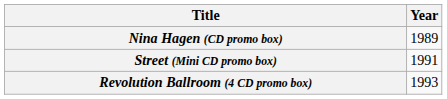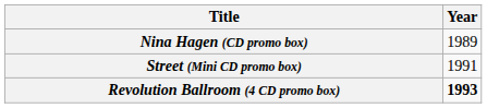 <table class="wikitable plainrowheaders">
 <tr>
 <th scope="col" width="450">Title</th>
 <th scope="col">Year</th>
 </tr>
 <tr>
 <th scope="row"><em>Nina Hagen <small>(CD promo box)</small></em></th>
 <td>1989</td>
 </tr>
 <tr>
 <th scope="row"><em>Street <small>(Mini CD promo box)</small></em></th>
 <td>1991</td>
 </tr>
 <tr>
 <th scope="row"><em>Revolution Ballroom <small>(4 CD promo box)</small></em></th>
-<td>1993</td>
+<td><strong>1993</strong></td>
 </tr>
 </table>
